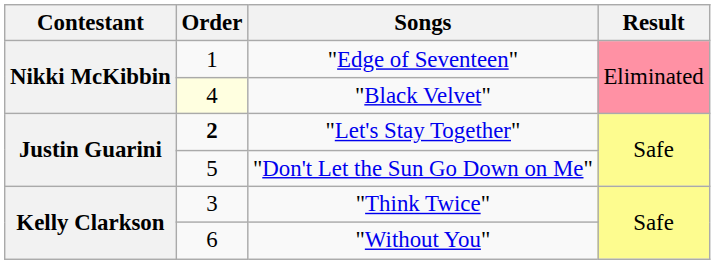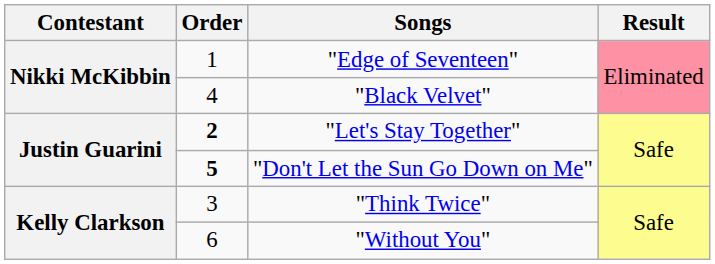 <table class="wikitable unsortable" style="text-align:center;">
 <tr>
 <th scope="col">Contestant</th>
 <th scope="col">Order</th>
 <th scope="col">Songs</th>
 <th scope="col">Result</th>
 </tr>
 <tr>
 <th rowspan="2" scope="row">Nikki McKibbin</th>
 <td>1</td>
 <td>"<a href='#'>Edge of Seventeen</a>"</td>
 <td rowspan="2" bgcolor="FF91A4">Eliminated</td>
 </tr>
 <tr>
-<td style="background: lightyellow;">4</td>
+<td>4</td>
 <td>"<a href='#'>Black Velvet</a>"</td>
 </tr>
 <tr>
 <th rowspan="2" scope="row">Justin Guarini</th>
 <td><strong>2</strong></td>
 <td>"<a href='#'>Let's Stay Together</a>"</td>
 <td rowspan="2" style="background:#FDFC8F;">Safe</td>
 </tr>
 <tr>
-<td>5</td>
+<td><strong>5</strong></td>
 <td>"<a href='#'>Don't Let the Sun Go Down on Me</a>"</td>
 </tr>
 <tr>
 <th rowspan="2" scope="row">Kelly Clarkson</th>
 <td>3</td>
 <td>"<a href='#'>Think Twice</a>"</td>
 <td rowspan="2" style="background:#FDFC8F;">Safe</td>
 </tr>
 <tr>
 <td>6</td>
 <td>"<a href='#'>Without You</a>"</td>
 </tr>
 </table>
